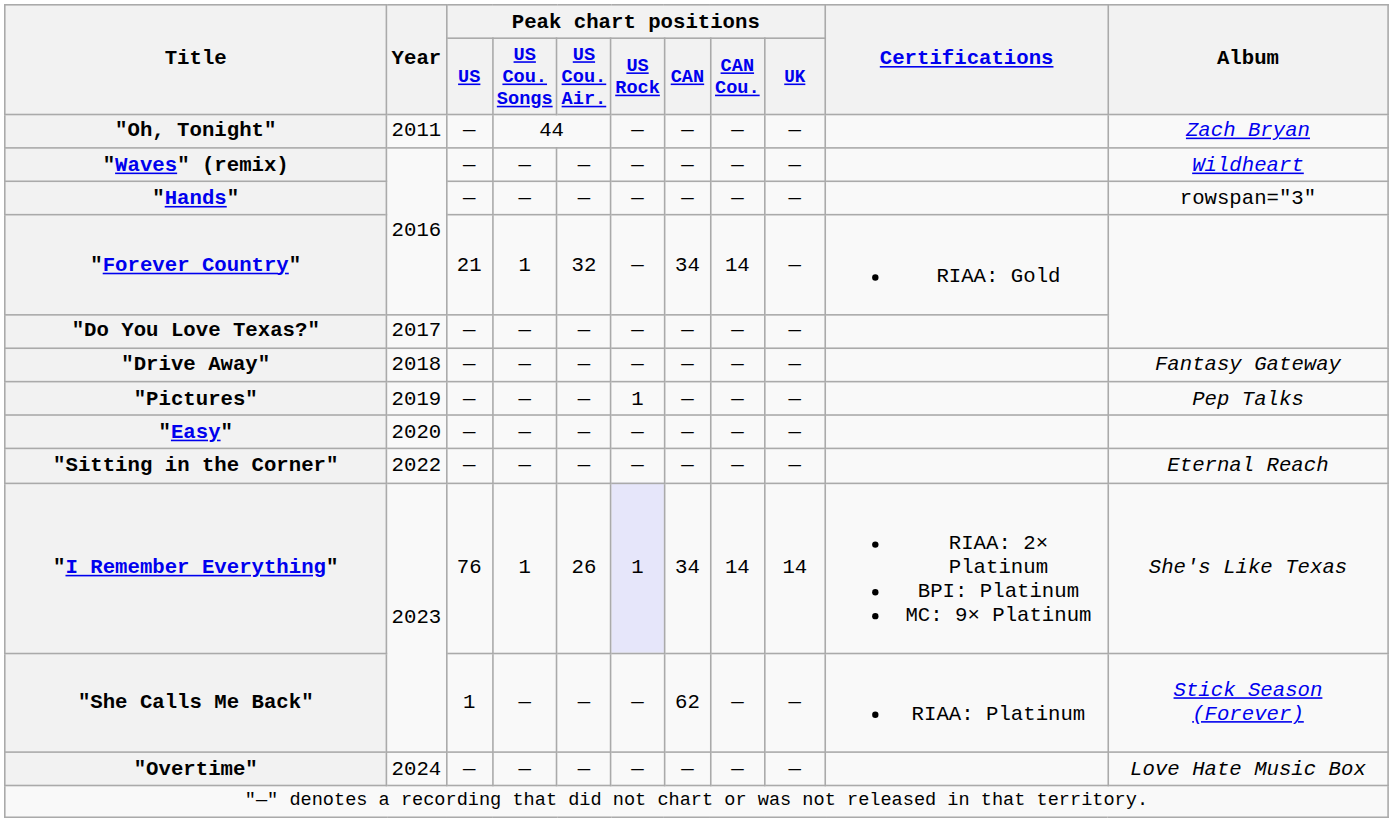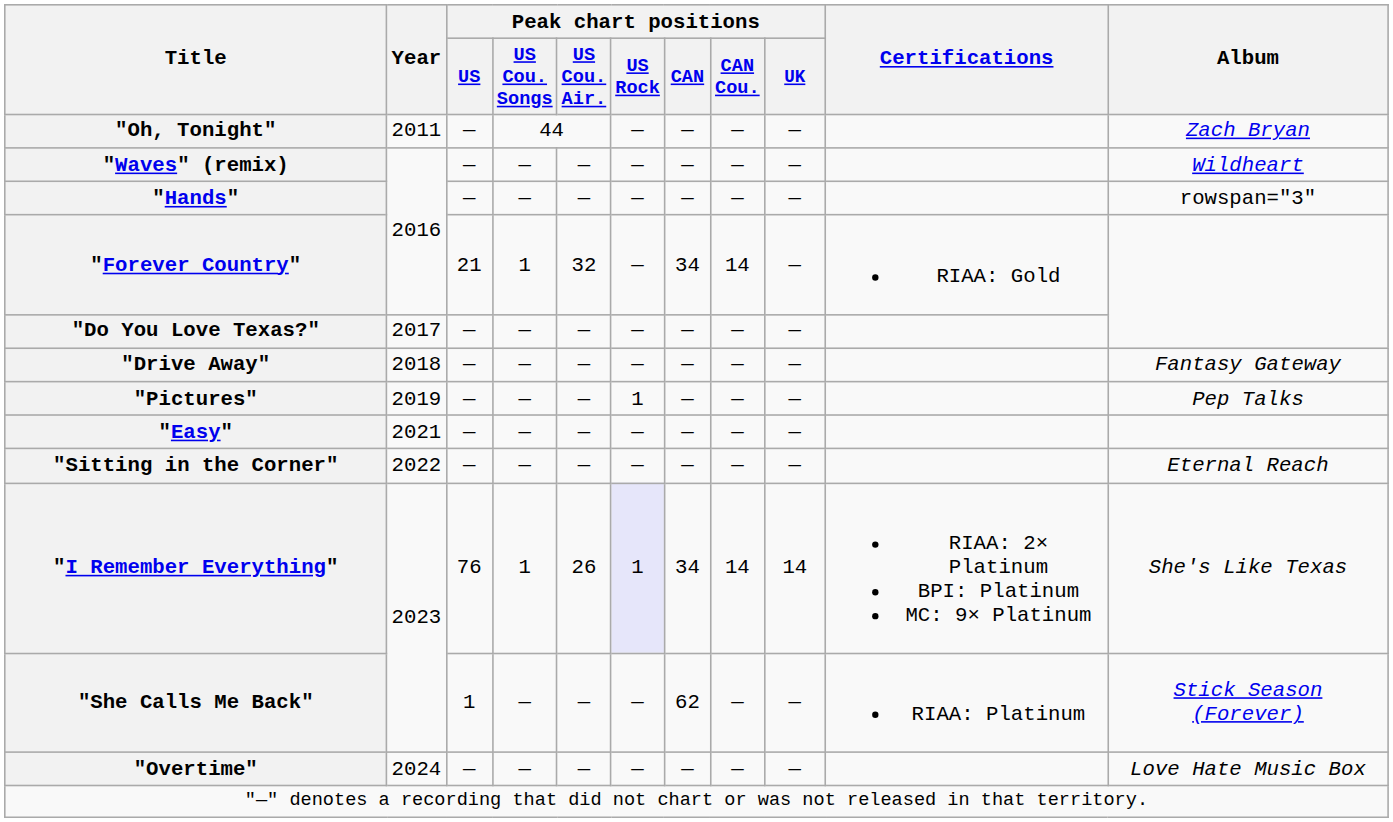 <table class="wikitable plainrowheaders" style="text-align:center;">
 <tr>
 <th scope="col" rowspan="2" style="width:18em;">Title</th>
 <th scope="col" rowspan="2">Year</th>
 <th scope="col" colspan="7">Peak chart positions</th>
 <th scope="col" rowspan="2"><a href='#'>Certifications</a></th>
 <th scope="col" rowspan="2">Album</th>
 </tr>
 <tr>
 <th scope="col" style="width:2em;font-size:90%;"><a href='#'>US</a><br></th>
 <th scope="col" style="width:2em;font-size:90%;"><a href='#'>US<br>Cou.<br>Songs</a><br></th>
 <th scope="col" style="width:2em;font-size:90%;"><a href='#'>US<br>Cou.<br>Air.</a><br></th>
 <th scope="col" style="width:2em;font-size:90%;"><a href='#'>US<br>Rock</a><br></th>
 <th scope="col" style="width:2em;font-size:90%;"><a href='#'>CAN</a><br></th>
 <th scope="col" style="width:2em;font-size:90%;"><a href='#'>CAN<br>Cou.</a><br></th>
 <th scope="col" style="width:3em;font-size:85%;"><a href='#'>UK</a><br></th>
 </tr>
 <tr>
 <th scope="row">"Oh, Tonight"<br></th>
 <td>2011</td>
 <td>—</td>
 <td colspan="2">44</td>
 <td>—</td>
 <td>—</td>
 <td>—</td>
 <td>—</td>
 <td></td>
 <td><em><a href='#'>Zach Bryan</a></em></td>
 </tr>
 <tr>
 <th scope="row">"<a href='#'>Waves</a>" (remix)<br></th>
 <td rowspan="3">2016</td>
 <td>—</td>
 <td>—</td>
 <td>—</td>
 <td>—</td>
 <td>—</td>
 <td>—</td>
 <td>—</td>
 <td></td>
 <td><em><a href='#'>Wildheart</a></em></td>
 </tr>
 <tr>
 <th scope="row">"<a href='#'>Hands</a>"<br></th>
 <td>—</td>
 <td>—</td>
 <td>—</td>
 <td>—</td>
 <td>—</td>
 <td>—</td>
 <td>—</td>
 <td></td>
 <td>rowspan="3" </td>
 </tr>
 <tr>
 <th scope="row">"<a href='#'>Forever Country</a>"<br></th>
 <td>21</td>
 <td>1</td>
 <td>32</td>
 <td>—</td>
 <td>34</td>
 <td>14</td>
 <td>—</td>
 <td><br><ul><li>RIAA: Gold</li></ul></td>
 </tr>
 <tr>
 <th scope="row">"Do You Love Texas?"<br></th>
 <td>2017</td>
 <td>—</td>
 <td>—</td>
 <td>—</td>
 <td>—</td>
 <td>—</td>
 <td>—</td>
 <td>—</td>
 <td></td>
 </tr>
 <tr>
 <th scope="row">"Drive Away"<br></th>
 <td>2018</td>
 <td>—</td>
 <td>—</td>
 <td>—</td>
 <td>—</td>
 <td>—</td>
 <td>—</td>
 <td>—</td>
 <td></td>
 <td><em>Fantasy Gateway</em></td>
 </tr>
 <tr>
 <th scope="row">"Pictures"<br></th>
 <td>2019</td>
 <td>—</td>
 <td>—</td>
 <td>—</td>
 <td>1</td>
 <td>—</td>
 <td>—</td>
 <td>—</td>
 <td></td>
 <td><em>Pep Talks</em></td>
 </tr>
 <tr>
 <th scope="row">"<a href='#'>Easy</a>"<br></th>
-<td>2020</td>
+<td>2021</td>
 <td>—</td>
 <td>—</td>
 <td>—</td>
 <td>—</td>
 <td>—</td>
 <td>—</td>
 <td>—</td>
 <td></td>
 <td></td>
 </tr>
 <tr>
 <th scope="row">"Sitting in the Corner"<br></th>
 <td>2022</td>
 <td>—</td>
 <td>—</td>
 <td>—</td>
 <td>—</td>
 <td>—</td>
 <td>—</td>
 <td>—</td>
 <td></td>
 <td><em>Eternal Reach</em></td>
 </tr>
 <tr>
 <th scope="row">"<a href='#'>I Remember Everything</a>"<br></th>
 <td rowspan="2">2023</td>
 <td>76</td>
 <td>1</td>
 <td>26</td>
 <td style="background: lavender;">1</td>
 <td>34</td>
 <td>14</td>
 <td>14</td>
 <td><br><ul><li>RIAA: 2× Platinum</li><li>BPI: Platinum</li><li>MC: 9× Platinum</li></ul></td>
 <td><em>She's Like Texas</em></td>
 </tr>
 <tr>
 <th scope="row">"She Calls Me Back"<br></th>
 <td>1</td>
 <td>—</td>
 <td>—</td>
 <td>—</td>
 <td>62</td>
 <td>—</td>
 <td>—</td>
 <td><br><ul><li>RIAA: Platinum</li></ul></td>
 <td><em><a href='#'>Stick Season (Forever)</a></em></td>
 </tr>
 <tr>
 <th scope="row">"Overtime"<br></th>
 <td>2024</td>
 <td>—</td>
 <td>—</td>
 <td>—</td>
 <td>—</td>
 <td>—</td>
 <td>—</td>
 <td>—</td>
 <td></td>
 <td><em>Love Hate Music Box</em></td>
 </tr>
 <tr>
 <td colspan="11" style="font-size:90%">"—" denotes a recording that did not chart or was not released in that territory.</td>
 </tr>
 </table>
